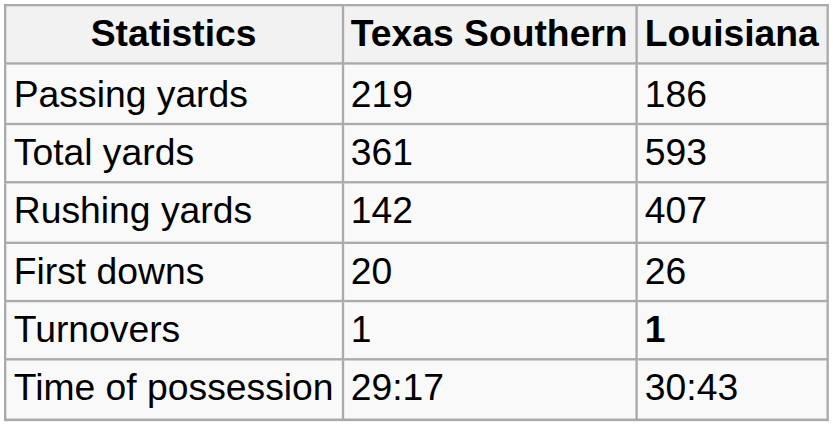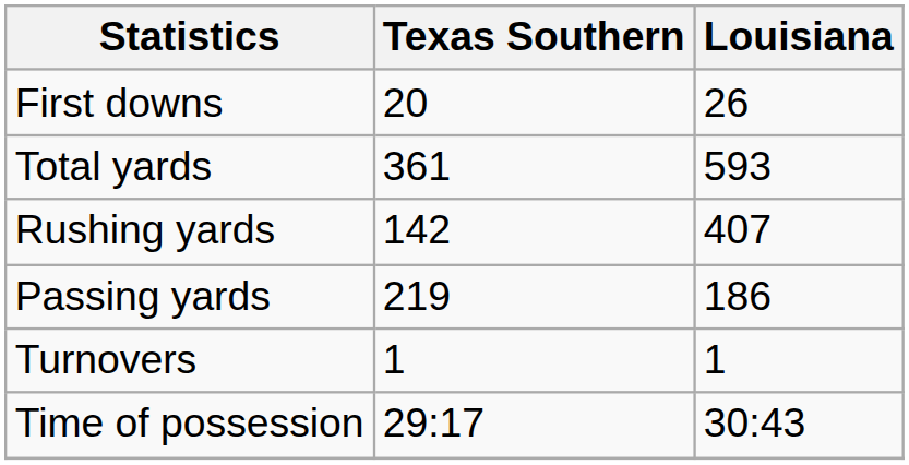 <table class="wikitable">
 <tr>
 <th>Statistics</th>
 <th>Texas Southern</th>
 <th>Louisiana</th>
 </tr>
 <tr>
-<td>Passing yards</td>
-<td>219</td>
-<td>186</td>
+<td>First downs</td>
+<td>20</td>
+<td>26</td>
 </tr>
 <tr>
 <td>Total yards</td>
 <td>361</td>
 <td>593</td>
 </tr>
 <tr>
 <td>Rushing yards</td>
 <td>142</td>
 <td>407</td>
 </tr>
 <tr>
-<td>First downs</td>
-<td>20</td>
-<td>26</td>
+<td>Passing yards</td>
+<td>219</td>
+<td>186</td>
 </tr>
 <tr>
 <td>Turnovers</td>
 <td>1</td>
-<td><strong>1</strong></td>
+<td>1</td>
 </tr>
 <tr>
 <td>Time of possession</td>
 <td>29:17</td>
 <td>30:43</td>
 </tr>
 <tr>
 </tr>
 </table>
